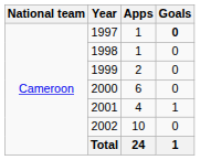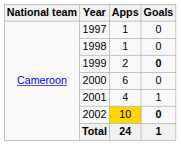 <table class="wikitable" style="text-align:center">
 <tr>
 <th>National team</th>
 <th>Year</th>
 <th>Apps</th>
 <th>Goals</th>
 </tr>
 <tr>
 <td rowspan="7"><a href='#'>Cameroon</a></td>
 <td>1997</td>
 <td>1</td>
-<td><strong>0</strong></td>
+<td>0</td>
 </tr>
 <tr>
 <td>1998</td>
 <td>1</td>
 <td>0</td>
 </tr>
 <tr>
 <td>1999</td>
 <td>2</td>
-<td>0</td>
+<td><strong>0</strong></td>
 </tr>
 <tr>
 <td>2000</td>
 <td>6</td>
 <td>0</td>
 </tr>
 <tr>
 <td>2001</td>
 <td>4</td>
 <td>1</td>
 </tr>
 <tr>
 <td>2002</td>
-<td>10</td>
-<td>0</td>
+<td style="background: gold;">10</td>
+<td><strong>0</strong></td>
 </tr>
 <tr>
 <th>Total</th>
 <th>24</th>
 <th>1</th>
 </tr>
 </table>
